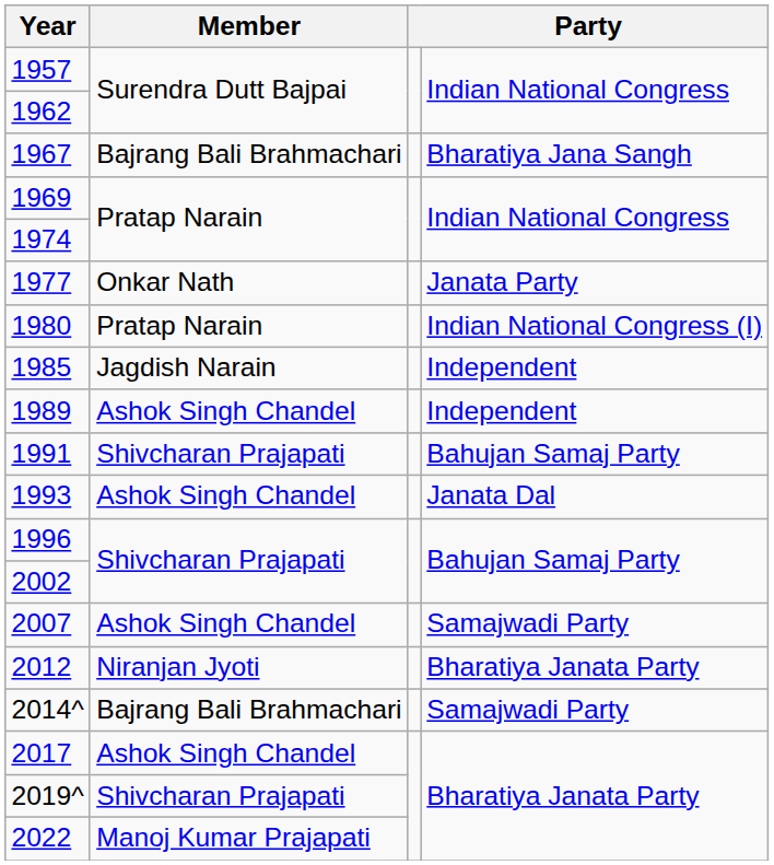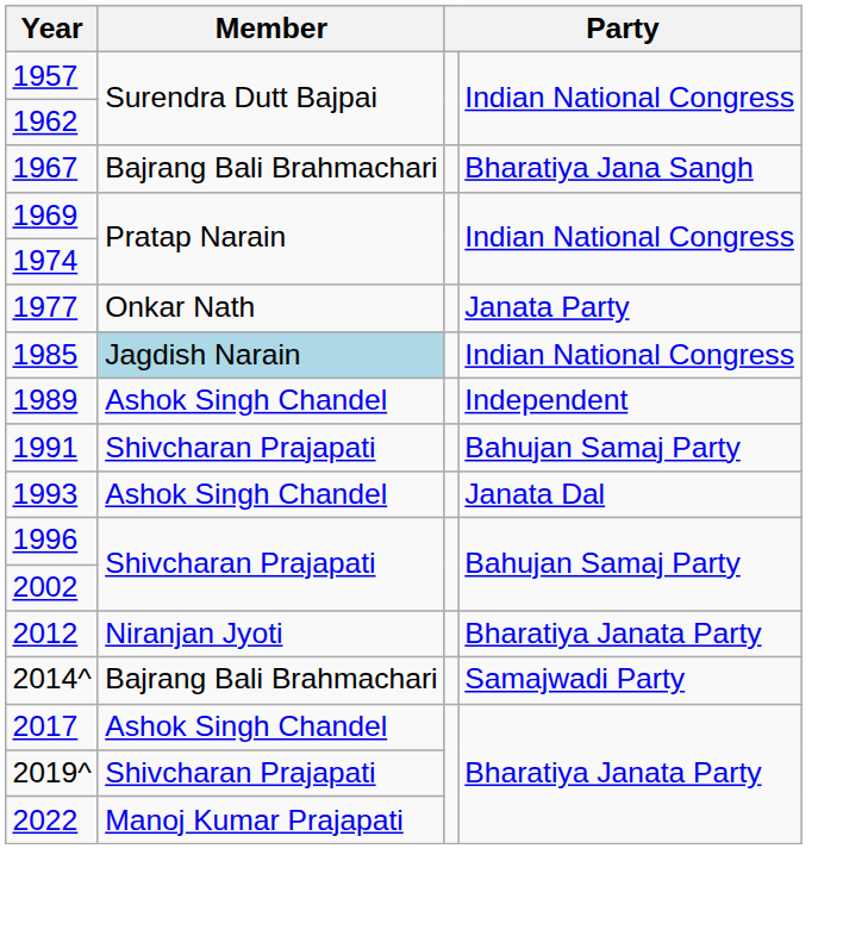 <table class="wikitable">
 <tr>
 <th>Year</th>
 <th>Member</th>
 <th colspan="2">Party</th>
 </tr>
 <tr>
 <td><a href='#'>1957</a></td>
 <td rowspan="2">Surendra Dutt Bajpai</td>
 <td rowspan="2" style="background-color: "></td>
 <td rowspan="2"><a href='#'>Indian National Congress</a></td>
 </tr>
 <tr>
 <td><a href='#'>1962</a></td>
 </tr>
 <tr>
 <td><a href='#'>1967</a></td>
 <td>Bajrang Bali Brahmachari</td>
 <td style="background-color: "></td>
 <td><a href='#'>Bharatiya Jana Sangh</a></td>
 </tr>
 <tr>
 <td><a href='#'>1969</a></td>
 <td rowspan="2">Pratap Narain</td>
 <td rowspan="2" style="background-color: "></td>
 <td rowspan="2"><a href='#'>Indian National Congress</a></td>
 </tr>
 <tr>
 <td><a href='#'>1974</a></td>
 </tr>
 <tr>
 <td><a href='#'>1977</a></td>
 <td>Onkar Nath</td>
 <td style="background-color: "></td>
 <td><a href='#'>Janata Party</a></td>
 </tr>
 <tr>
-<td><a href='#'>1980</a></td>
-<td>Pratap Narain</td>
+<td><a href='#'>1985</a></td>
+<td style="background: lightblue;">Jagdish Narain</td>
 <td style="background-color: "></td>
-<td><a href='#'>Indian National Congress (I)</a></td>
-</tr>
-<tr>
-<td><a href='#'>1985</a></td>
-<td>Jagdish Narain</td>
-<td style="background-color: "></td>
-<td><a href='#'>Independent</a></td>
+<td><a href='#'>Indian National Congress</a></td>
 </tr>
 <tr>
 <td><a href='#'>1989</a></td>
 <td><a href='#'>Ashok Singh Chandel</a></td>
 <td style="background-color: "></td>
 <td><a href='#'>Independent</a></td>
 </tr>
 <tr>
 <td><a href='#'>1991</a></td>
 <td><a href='#'>Shivcharan Prajapati</a></td>
 <td style="background-color: "></td>
 <td><a href='#'>Bahujan Samaj Party</a></td>
 </tr>
 <tr>
 <td><a href='#'>1993</a></td>
 <td><a href='#'>Ashok Singh Chandel</a></td>
 <td style="background-color: "></td>
 <td><a href='#'>Janata Dal</a></td>
 </tr>
 <tr>
 <td><a href='#'>1996</a></td>
 <td rowspan="2"><a href='#'>Shivcharan Prajapati</a></td>
 <td rowspan="2" style="background-color: "></td>
 <td rowspan="2"><a href='#'>Bahujan Samaj Party</a></td>
 </tr>
 <tr>
 <td><a href='#'>2002</a></td>
 </tr>
 <tr>
-<td><a href='#'>2007</a></td>
-<td><a href='#'>Ashok Singh Chandel</a></td>
-<td style="background-color: "></td>
-<td><a href='#'>Samajwadi Party</a></td>
-</tr>
-<tr>
 <td><a href='#'>2012</a></td>
 <td><a href='#'>Niranjan Jyoti</a></td>
 <td style="background-color: "></td>
 <td><a href='#'>Bharatiya Janata Party</a></td>
 </tr>
 <tr>
 <td>2014^</td>
 <td>Bajrang Bali Brahmachari</td>
 <td style="background-color: "></td>
 <td><a href='#'>Samajwadi Party</a></td>
 </tr>
 <tr>
 <td><a href='#'>2017</a></td>
 <td><a href='#'>Ashok Singh Chandel</a></td>
 <td rowspan="3" style="background-color: "></td>
 <td rowspan="3"><a href='#'>Bharatiya Janata Party</a></td>
 </tr>
 <tr>
 <td>2019^</td>
 <td><a href='#'>Shivcharan Prajapati</a></td>
 </tr>
 <tr>
 <td><a href='#'>2022</a></td>
 <td><a href='#'>Manoj Kumar Prajapati</a></td>
 </tr>
 </table>
